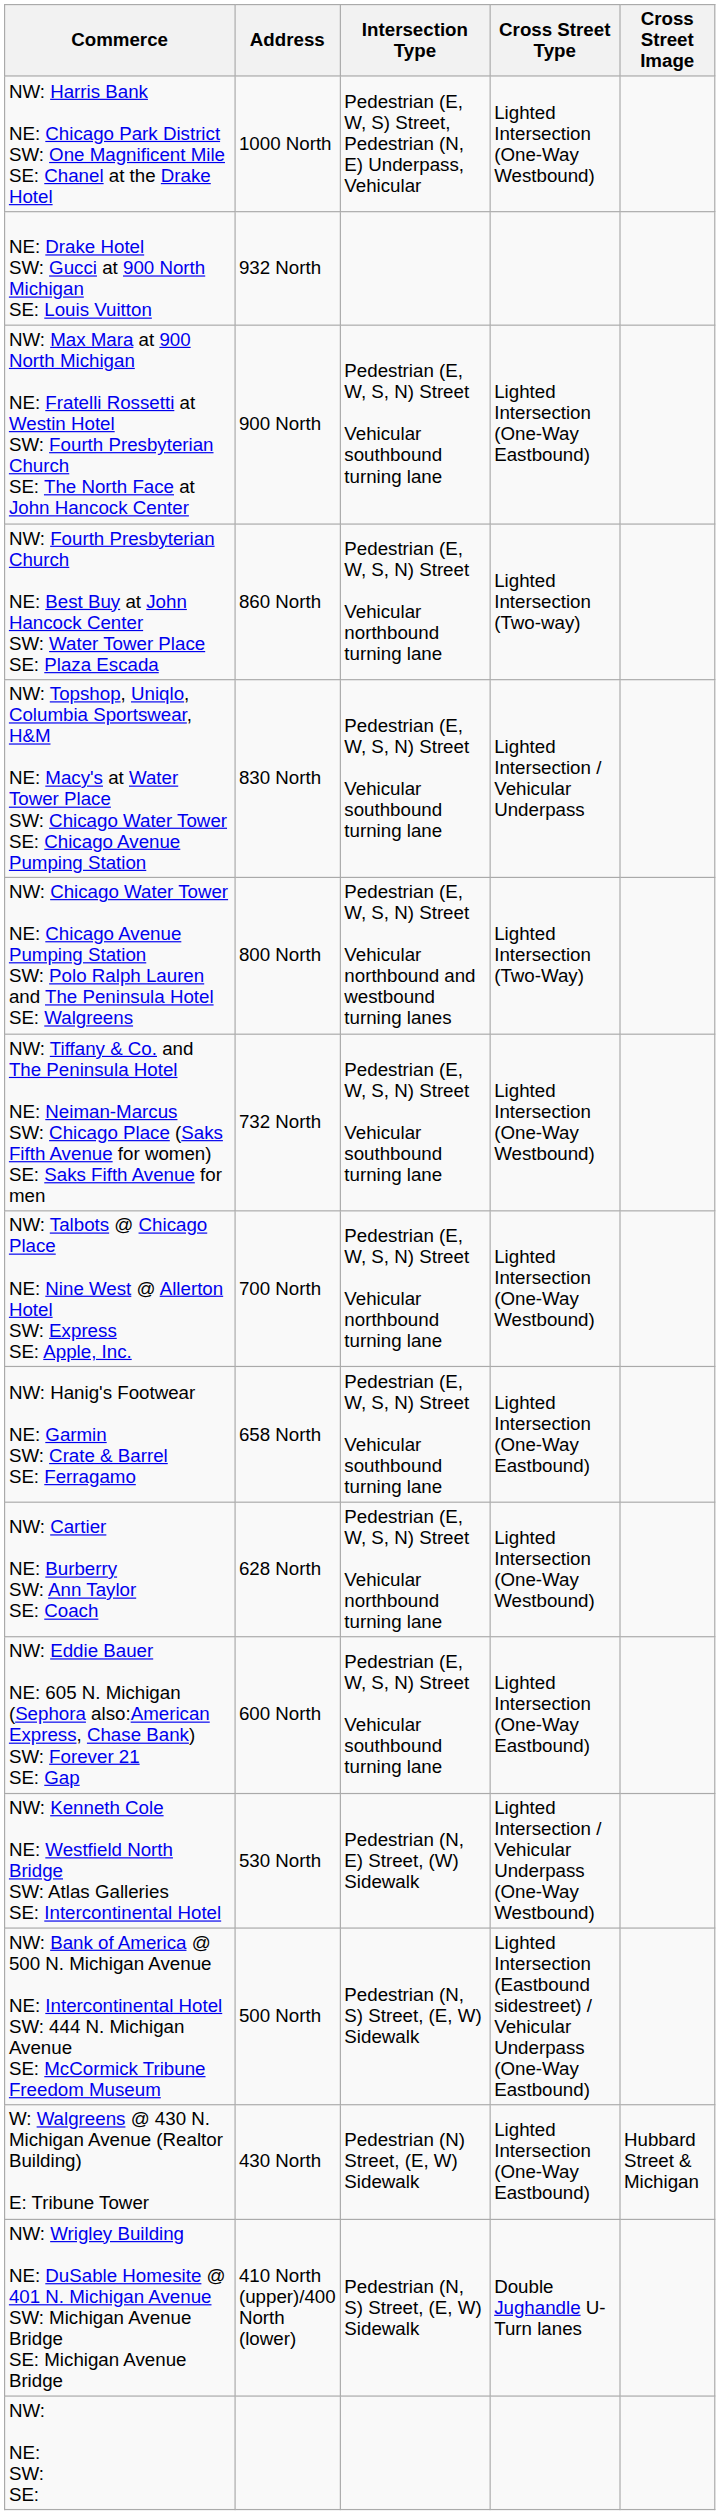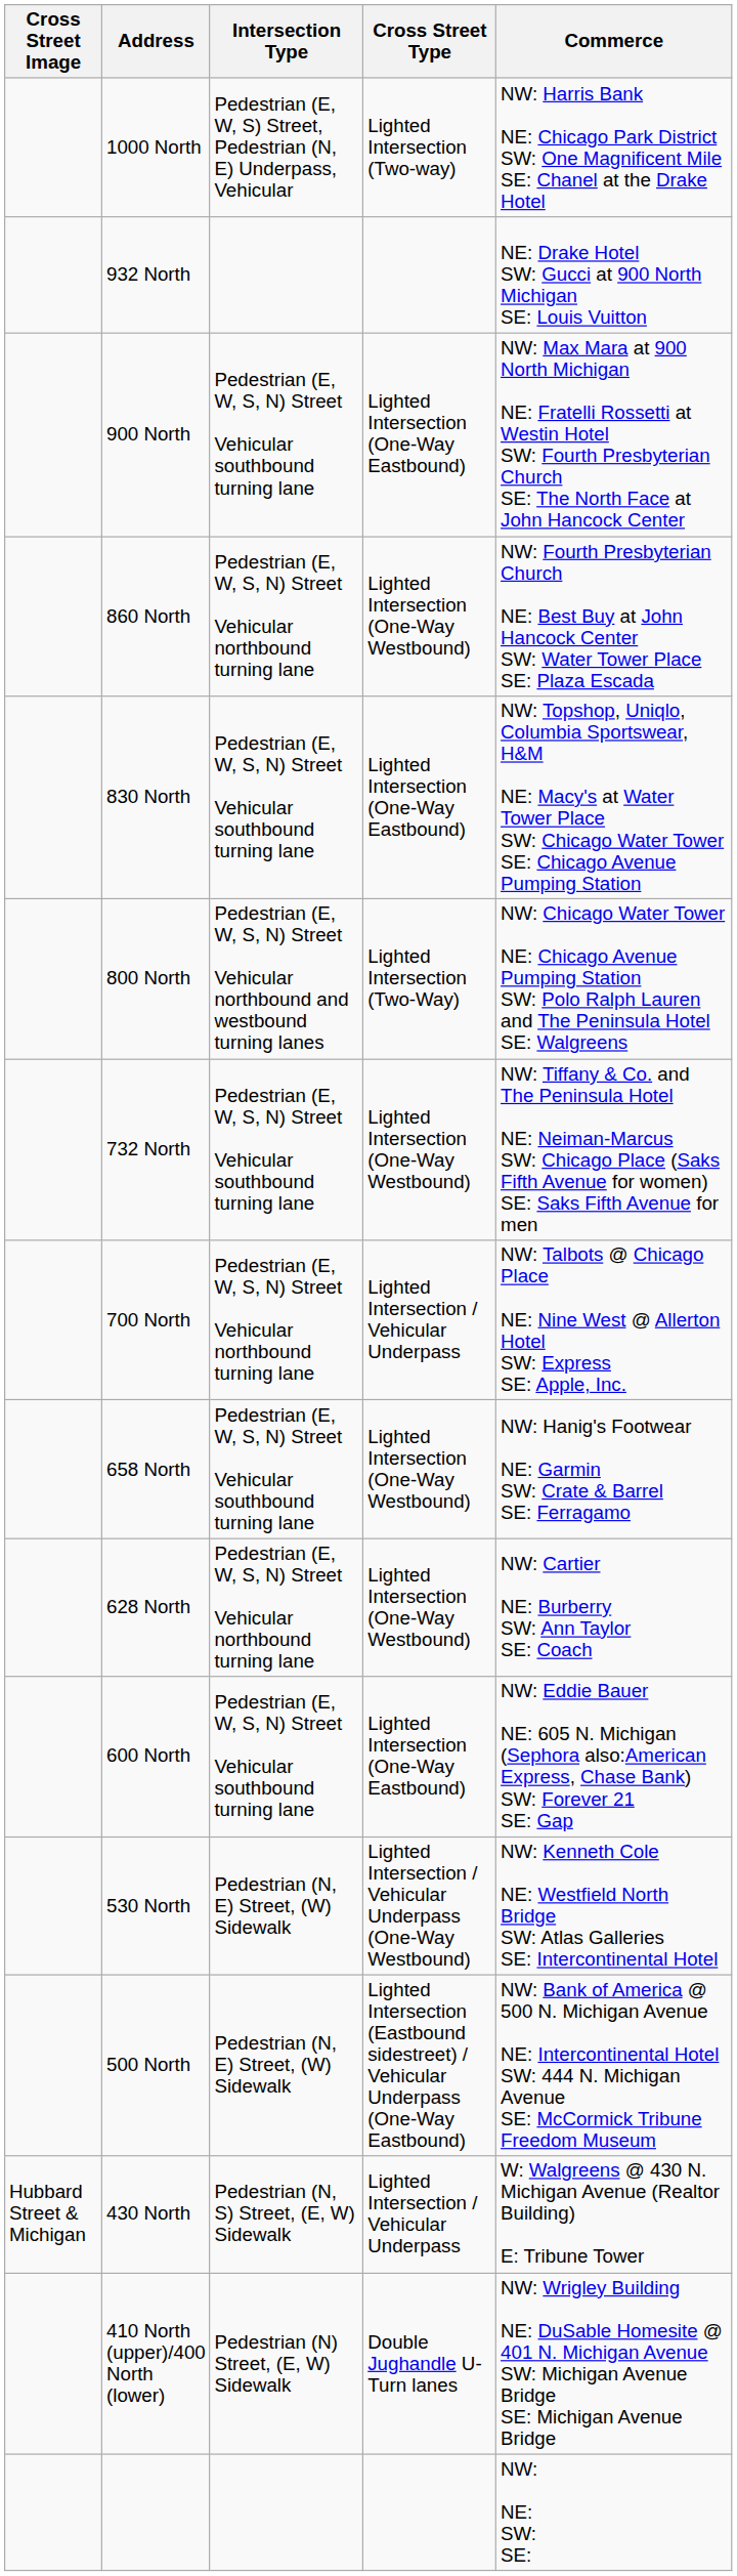 <table class="wikitable">
 <tr>
-<th style="width:400px;">Commerce</th>
+<th style="width:100px;">Cross Street Image</th>
 <th width="75">Address</th>
 <th style="width:200px;">Intersection Type</th>
 <th width="150">Cross Street Type</th>
-<th style="width:100px;">Cross Street Image</th>
+<th style="width:400px;">Commerce</th>
 </tr>
 <tr>
-<td>NW: <a href='#'>Harris Bank</a><br><br>NE: <a href='#'>Chicago Park District</a><br> SW: <a href='#'>One Magnificent Mile</a><br> SE: <a href='#'>Chanel</a> at the <a href='#'>Drake Hotel</a></td>
+<td></td>
 <td>1000 North</td>
 <td>Pedestrian (E, W, S) Street,<br>Pedestrian (N, E) Underpass, <br>Vehicular</td>
-<td>Lighted Intersection (One-Way Westbound)</td>
-<td></td>
+<td>Lighted Intersection (Two-way)</td>
+<td>NW: <a href='#'>Harris Bank</a><br><br>NE: <a href='#'>Chicago Park District</a><br> SW: <a href='#'>One Magnificent Mile</a><br> SE: <a href='#'>Chanel</a> at the <a href='#'>Drake Hotel</a></td>
 </tr>
 <tr>
-<td><br>NE: <a href='#'>Drake Hotel</a><br> SW: <a href='#'>Gucci</a> at <a href='#'>900 North Michigan</a><br> SE: <a href='#'>Louis Vuitton</a></td>
+<td></td>
 <td>932 North</td>
 <td></td>
 <td></td>
-<td></td>
+<td><br>NE: <a href='#'>Drake Hotel</a><br> SW: <a href='#'>Gucci</a> at <a href='#'>900 North Michigan</a><br> SE: <a href='#'>Louis Vuitton</a></td>
 </tr>
 <tr>
-<td>NW: <a href='#'>Max Mara</a> at <a href='#'>900 North Michigan</a><br><br>NE: <a href='#'>Fratelli Rossetti</a> at <a href='#'>Westin Hotel</a><br> SW: <a href='#'>Fourth Presbyterian Church</a><br> SE: <a href='#'>The North Face</a> at <a href='#'>John Hancock Center</a></td>
+<td></td>
 <td>900 North</td>
 <td>Pedestrian (E, W, S, N) Street<br><br>Vehicular southbound turning lane</td>
 <td>Lighted Intersection (One-Way Eastbound)</td>
-<td></td>
+<td>NW: <a href='#'>Max Mara</a> at <a href='#'>900 North Michigan</a><br><br>NE: <a href='#'>Fratelli Rossetti</a> at <a href='#'>Westin Hotel</a><br> SW: <a href='#'>Fourth Presbyterian Church</a><br> SE: <a href='#'>The North Face</a> at <a href='#'>John Hancock Center</a></td>
 </tr>
 <tr>
-<td>NW: <a href='#'>Fourth Presbyterian Church</a><br><br>NE: <a href='#'>Best Buy</a> at <a href='#'>John Hancock Center</a><br> SW: <a href='#'>Water Tower Place</a><br> SE: <a href='#'>Plaza Escada</a></td>
+<td></td>
 <td>860 North</td>
 <td>Pedestrian (E, W, S, N) Street<br><br>Vehicular northbound turning lane</td>
-<td>Lighted Intersection (Two-way)</td>
-<td></td>
+<td>Lighted Intersection (One-Way Westbound)</td>
+<td>NW: <a href='#'>Fourth Presbyterian Church</a><br><br>NE: <a href='#'>Best Buy</a> at <a href='#'>John Hancock Center</a><br> SW: <a href='#'>Water Tower Place</a><br> SE: <a href='#'>Plaza Escada</a></td>
 </tr>
 <tr>
-<td>NW: <a href='#'>Topshop</a>, <a href='#'>Uniqlo</a>, <a href='#'>Columbia Sportswear</a>, <a href='#'>H&M</a><br><br>NE: <a href='#'>Macy's</a> at <a href='#'>Water Tower Place</a><br> SW: <a href='#'>Chicago Water Tower</a><br> SE: <a href='#'>Chicago Avenue Pumping Station</a></td>
+<td></td>
 <td>830 North</td>
 <td>Pedestrian (E, W, S, N) Street<br><br>Vehicular southbound turning lane</td>
-<td>Lighted Intersection / Vehicular Underpass</td>
-<td></td>
+<td>Lighted Intersection (One-Way Eastbound)</td>
+<td>NW: <a href='#'>Topshop</a>, <a href='#'>Uniqlo</a>, <a href='#'>Columbia Sportswear</a>, <a href='#'>H&M</a><br><br>NE: <a href='#'>Macy's</a> at <a href='#'>Water Tower Place</a><br> SW: <a href='#'>Chicago Water Tower</a><br> SE: <a href='#'>Chicago Avenue Pumping Station</a></td>
 </tr>
 <tr>
-<td>NW: <a href='#'>Chicago Water Tower</a><br><br>NE: <a href='#'>Chicago Avenue Pumping Station</a><br> SW: <a href='#'>Polo Ralph Lauren</a> and <a href='#'>The Peninsula Hotel</a><br> SE: <a href='#'>Walgreens</a></td>
+<td></td>
 <td>800 North</td>
 <td>Pedestrian (E, W, S, N) Street<br><br>Vehicular northbound and westbound turning lanes</td>
 <td>Lighted Intersection (Two-Way)</td>
-<td></td>
+<td>NW: <a href='#'>Chicago Water Tower</a><br><br>NE: <a href='#'>Chicago Avenue Pumping Station</a><br> SW: <a href='#'>Polo Ralph Lauren</a> and <a href='#'>The Peninsula Hotel</a><br> SE: <a href='#'>Walgreens</a></td>
 </tr>
 <tr>
-<td>NW: <a href='#'>Tiffany & Co.</a> and <a href='#'>The Peninsula Hotel</a><br><br>NE: <a href='#'>Neiman-Marcus</a><br> SW: <a href='#'>Chicago Place</a> (<a href='#'>Saks Fifth Avenue</a> for women)<br> SE: <a href='#'>Saks Fifth Avenue</a> for men</td>
+<td></td>
 <td>732 North</td>
 <td>Pedestrian (E, W, S, N) Street<br><br>Vehicular southbound turning lane</td>
 <td>Lighted Intersection (One-Way Westbound)</td>
-<td></td>
+<td>NW: <a href='#'>Tiffany & Co.</a> and <a href='#'>The Peninsula Hotel</a><br><br>NE: <a href='#'>Neiman-Marcus</a><br> SW: <a href='#'>Chicago Place</a> (<a href='#'>Saks Fifth Avenue</a> for women)<br> SE: <a href='#'>Saks Fifth Avenue</a> for men</td>
 </tr>
 <tr>
-<td>NW: <a href='#'>Talbots</a> @ <a href='#'>Chicago Place</a><br><br>NE: <a href='#'>Nine West</a> @ <a href='#'>Allerton Hotel</a><br> SW: <a href='#'>Express</a><br> SE: <a href='#'>Apple, Inc.</a></td>
+<td></td>
 <td>700 North</td>
 <td>Pedestrian (E, W, S, N) Street<br><br>Vehicular northbound turning lane</td>
-<td>Lighted Intersection (One-Way Westbound)</td>
-<td></td>
+<td>Lighted Intersection / Vehicular Underpass</td>
+<td>NW: <a href='#'>Talbots</a> @ <a href='#'>Chicago Place</a><br><br>NE: <a href='#'>Nine West</a> @ <a href='#'>Allerton Hotel</a><br> SW: <a href='#'>Express</a><br> SE: <a href='#'>Apple, Inc.</a></td>
 </tr>
 <tr>
-<td>NW: Hanig's Footwear<br><br>NE: <a href='#'>Garmin</a><br> SW: <a href='#'>Crate & Barrel</a><br> SE: <a href='#'>Ferragamo</a></td>
+<td></td>
 <td>658 North</td>
 <td>Pedestrian (E, W, S, N) Street<br><br>Vehicular southbound turning lane</td>
-<td>Lighted Intersection (One-Way Eastbound)</td>
-<td></td>
+<td>Lighted Intersection (One-Way Westbound)</td>
+<td>NW: Hanig's Footwear<br><br>NE: <a href='#'>Garmin</a><br> SW: <a href='#'>Crate & Barrel</a><br> SE: <a href='#'>Ferragamo</a></td>
 </tr>
 <tr>
-<td>NW: <a href='#'>Cartier</a><br><br>NE: <a href='#'>Burberry</a><br> SW: <a href='#'>Ann Taylor</a><br> SE: <a href='#'>Coach</a></td>
+<td></td>
 <td>628 North</td>
 <td>Pedestrian (E, W, S, N) Street<br><br>Vehicular northbound turning lane</td>
 <td>Lighted Intersection (One-Way Westbound)</td>
-<td></td>
+<td>NW: <a href='#'>Cartier</a><br><br>NE: <a href='#'>Burberry</a><br> SW: <a href='#'>Ann Taylor</a><br> SE: <a href='#'>Coach</a></td>
 </tr>
 <tr>
-<td>NW: <a href='#'>Eddie Bauer</a><br><br>NE: 605 N. Michigan (<a href='#'>Sephora</a> also:<a href='#'>American Express</a>, <a href='#'>Chase Bank</a>)<br> SW: <a href='#'>Forever 21</a><br> SE: <a href='#'>Gap</a></td>
+<td></td>
 <td>600 North</td>
 <td>Pedestrian (E, W, S, N) Street<br><br>Vehicular southbound turning lane</td>
 <td>Lighted Intersection (One-Way Eastbound)</td>
-<td></td>
+<td>NW: <a href='#'>Eddie Bauer</a><br><br>NE: 605 N. Michigan (<a href='#'>Sephora</a> also:<a href='#'>American Express</a>, <a href='#'>Chase Bank</a>)<br> SW: <a href='#'>Forever 21</a><br> SE: <a href='#'>Gap</a></td>
 </tr>
 <tr>
-<td>NW: <a href='#'>Kenneth Cole</a><br><br>NE: <a href='#'>Westfield North Bridge</a><br> SW: Atlas Galleries<br> SE: <a href='#'>Intercontinental Hotel</a></td>
+<td></td>
 <td>530 North</td>
 <td>Pedestrian (N, E) Street, (W) Sidewalk</td>
 <td>Lighted Intersection / Vehicular Underpass (One-Way Westbound)</td>
-<td></td>
+<td>NW: <a href='#'>Kenneth Cole</a><br><br>NE: <a href='#'>Westfield North Bridge</a><br> SW: Atlas Galleries<br> SE: <a href='#'>Intercontinental Hotel</a></td>
 </tr>
 <tr>
+<td></td>
+<td>500 North</td>
+<td>Pedestrian (N, E) Street, (W) Sidewalk</td>
+<td>Lighted Intersection (Eastbound sidestreet) / Vehicular Underpass (One-Way Eastbound)</td>
 <td>NW: <a href='#'>Bank of America</a> @ 500 N. Michigan Avenue<br><br>NE: <a href='#'>Intercontinental Hotel</a><br> SW: 444 N. Michigan Avenue<br> SE: <a href='#'>McCormick Tribune Freedom Museum</a></td>
-<td>500 North</td>
-<td>Pedestrian (N, S) Street, (E, W) Sidewalk</td>
-<td>Lighted Intersection (Eastbound sidestreet) / Vehicular Underpass (One-Way Eastbound)</td>
-<td></td>
 </tr>
 <tr>
+<td>Hubbard Street & Michigan</td>
+<td>430 North</td>
+<td>Pedestrian (N, S) Street, (E, W) Sidewalk</td>
+<td>Lighted Intersection / Vehicular Underpass</td>
 <td>W: <a href='#'>Walgreens</a> @ 430 N. Michigan Avenue (Realtor Building)<br><br>E: Tribune Tower</td>
-<td>430 North</td>
-<td>Pedestrian (N) Street, (E, W) Sidewalk</td>
-<td>Lighted Intersection (One-Way Eastbound)</td>
-<td>Hubbard Street & Michigan</td>
 </tr>
 <tr>
+<td></td>
+<td>410 North (upper)/400 North (lower)</td>
+<td>Pedestrian (N) Street, (E, W) Sidewalk</td>
+<td>Double <a href='#'>Jughandle</a> U-Turn lanes</td>
 <td>NW: <a href='#'>Wrigley Building</a><br><br>NE: <a href='#'>DuSable Homesite</a> @ <a href='#'>401 N. Michigan Avenue</a><br> SW: Michigan Avenue Bridge<br> SE: Michigan Avenue Bridge</td>
-<td>410 North (upper)/400 North (lower)</td>
-<td>Pedestrian (N, S) Street, (E, W) Sidewalk</td>
-<td>Double <a href='#'>Jughandle</a> U-Turn lanes</td>
-<td></td>
 </tr>
 <tr>
-<td>NW: <br><br>NE: <br> SW: <br> SE:</td>
 <td></td>
 <td></td>
 <td></td>
 <td></td>
+<td>NW: <br><br>NE: <br> SW: <br> SE:</td>
 </tr>
 </table>
